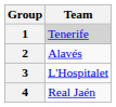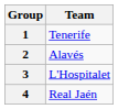 <table class="wikitable">
 <tr>
 <th>Group</th>
 <th>Team</th>
 </tr>
 <tr>
 <th>1</th>
-<td style="background: lightgrey;"><a href='#'>Tenerife</a></td>
+<td><a href='#'>Tenerife</a></td>
 </tr>
 <tr>
 <th>2</th>
 <td><a href='#'>Alavés</a></td>
 </tr>
 <tr>
 <th>3</th>
 <td><a href='#'>L'Hospitalet</a></td>
 </tr>
 <tr>
 <th>4</th>
 <td><a href='#'>Real Jaén</a></td>
 </tr>
 </table>
